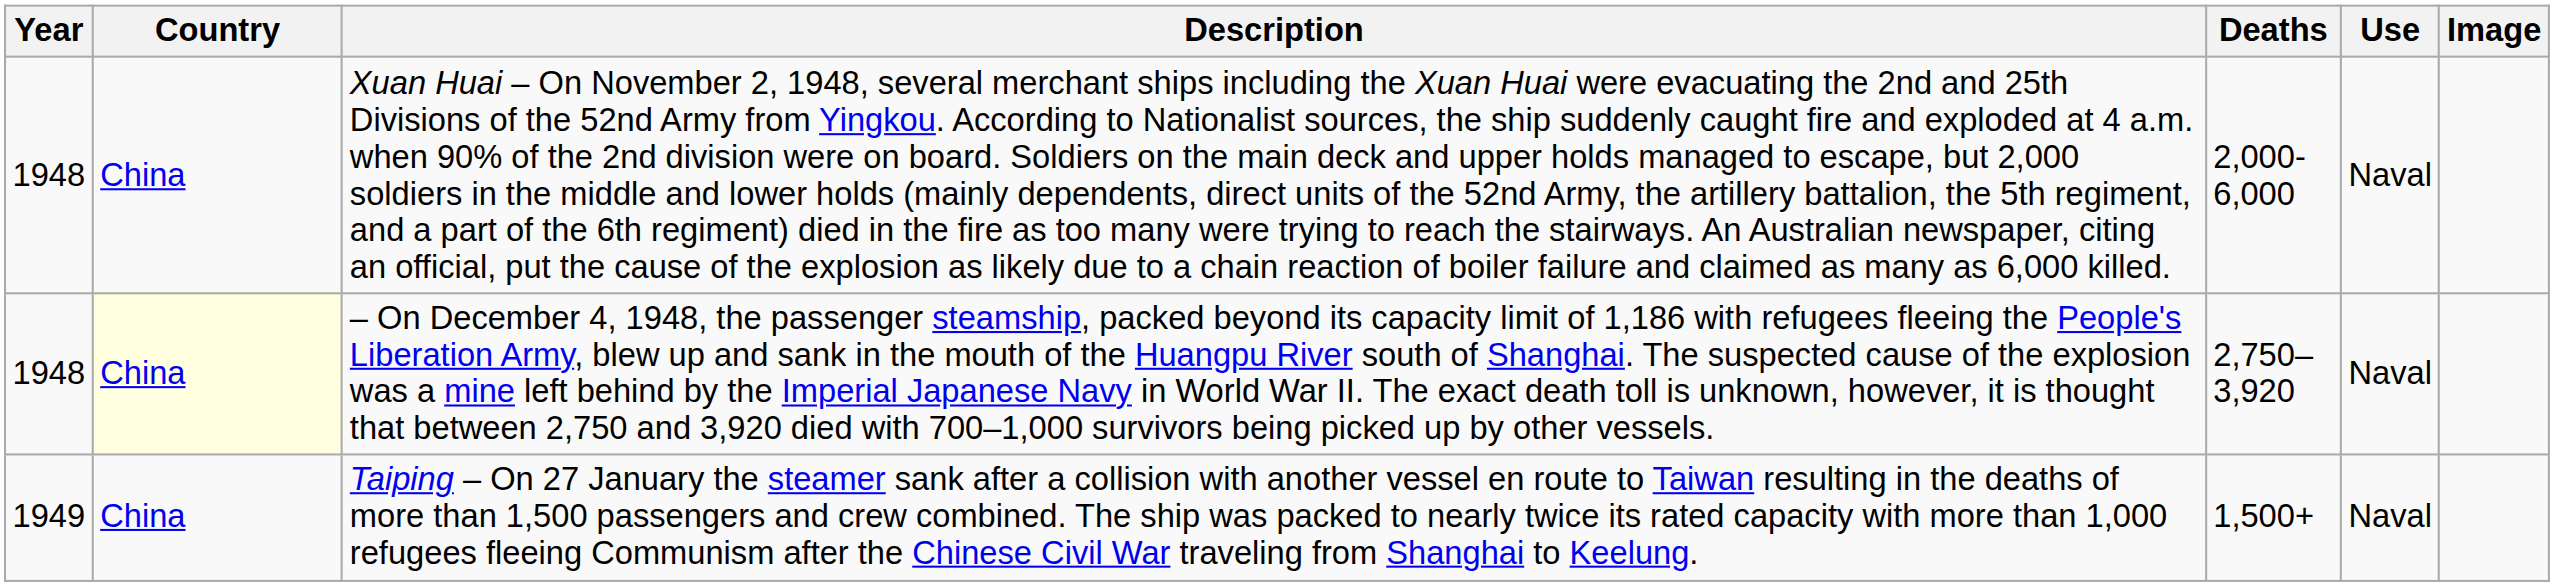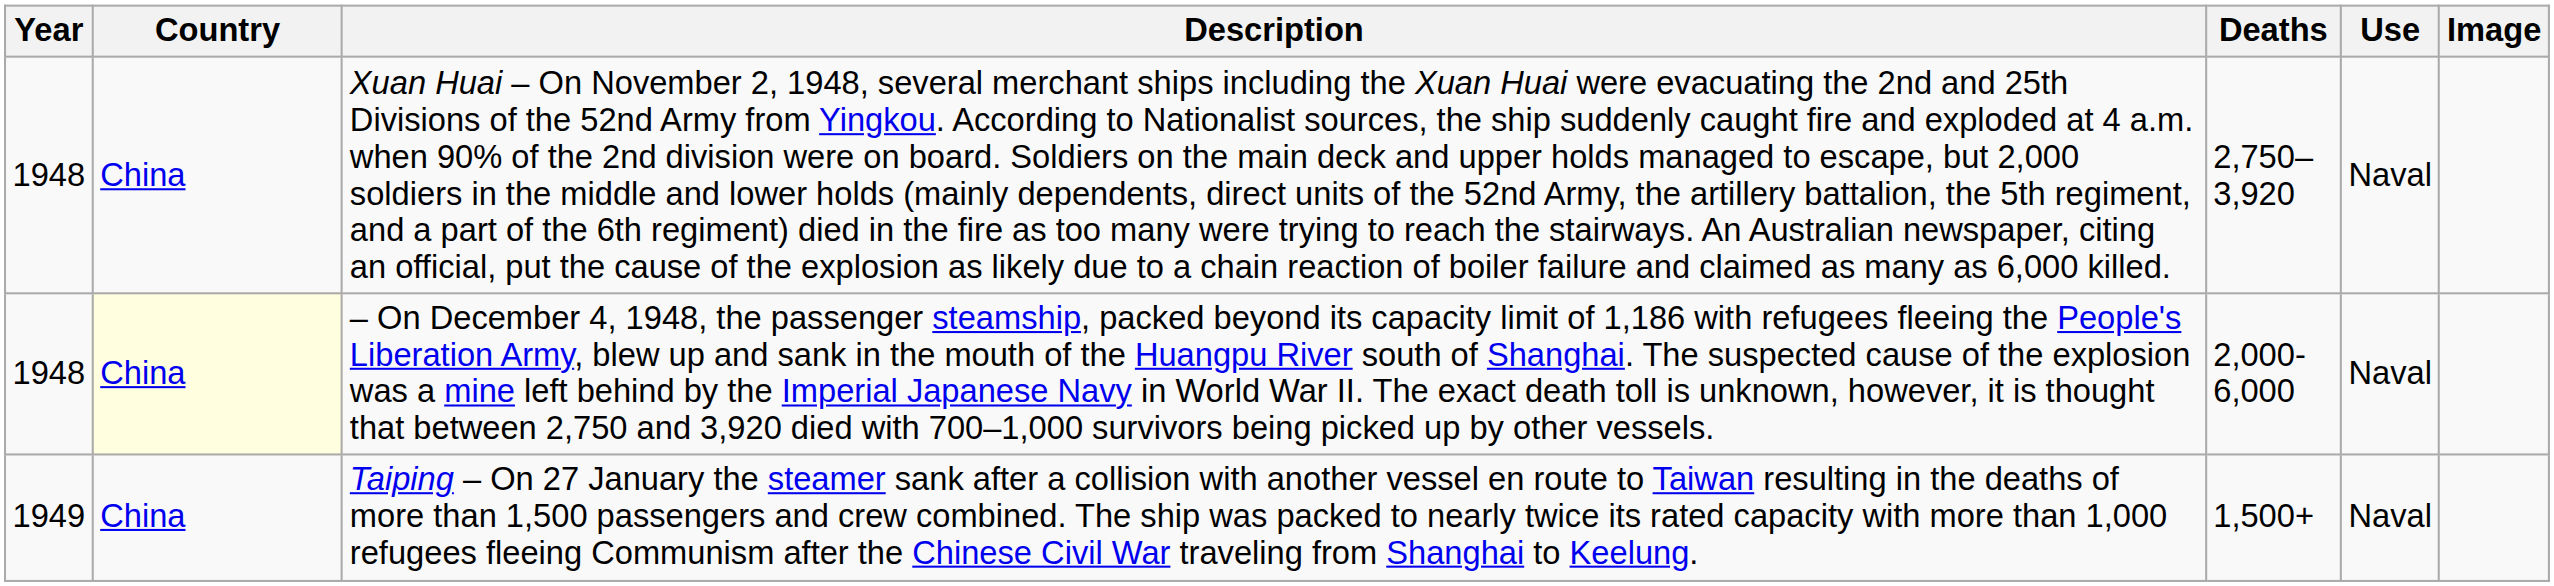 <table class="wikitable sortable" style="display: inline-table">
 <tr>
 <th data-sort-type="number">Year</th>
 <th width="115px">Country</th>
 <th class="unsortable">Description</th>
 <th data-sort-type="number">Deaths</th>
 <th>Use</th>
 <th class="unsortable">Image</th>
 </tr>
 <tr>
 <td>1948</td>
 <td> <a href='#'>China</a></td>
 <td><em>Xuan Huai</em> – On November 2, 1948, several merchant ships including the <em>Xuan Huai</em> were evacuating the 2nd and 25th Divisions of the 52nd Army from <a href='#'>Yingkou</a>. According to Nationalist sources, the ship suddenly caught fire and exploded at 4 a.m. when 90% of the 2nd division were on board. Soldiers on the main deck and upper holds managed to escape, but 2,000 soldiers in the middle and lower holds (mainly dependents, direct units of the 52nd Army, the artillery battalion, the 5th regiment, and a part of the 6th regiment) died in the fire as too many were trying to reach the stairways. An Australian newspaper, citing an official, put the cause of the explosion as likely due to a chain reaction of boiler failure and claimed as many as 6,000 killed.</td>
-<td>2,000-6,000</td>
+<td>2,750–3,920</td>
 <td>Naval</td>
 <td></td>
 </tr>
 <tr>
 <td>1948</td>
 <td style="background: lightyellow;"> <a href='#'>China</a></td>
 <td> – On December 4, 1948, the passenger <a href='#'>steamship</a>, packed beyond its capacity limit of 1,186 with refugees fleeing the <a href='#'>People's Liberation Army</a>, blew up and sank in the mouth of the <a href='#'>Huangpu River</a>  south of <a href='#'>Shanghai</a>. The suspected cause of the explosion was a <a href='#'>mine</a> left behind by the <a href='#'>Imperial Japanese Navy</a> in World War II. The exact death toll is unknown, however, it is thought that between 2,750 and 3,920 died with 700–1,000 survivors being picked up by other vessels.</td>
-<td>2,750–3,920</td>
+<td>2,000-6,000</td>
 <td>Naval</td>
 <td></td>
 </tr>
 <tr>
 <td>1949</td>
 <td> <a href='#'>China</a></td>
 <td><a href='#'><em>Taiping</em></a> – On 27 January the <a href='#'>steamer</a> sank after a collision with another vessel en route to <a href='#'>Taiwan</a> resulting in the deaths of more than 1,500 passengers and crew combined. The ship was packed to nearly twice its rated capacity with more than 1,000 refugees fleeing Communism after the <a href='#'>Chinese Civil War</a> traveling from <a href='#'>Shanghai</a> to <a href='#'>Keelung</a>.</td>
 <td>1,500+</td>
 <td>Naval</td>
 <td></td>
 </tr>
 </table>
